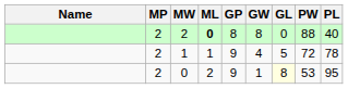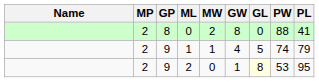 <table class=wikitable style="text-align:center">
 <tr>
 <th width=175>Name</th>
 <th width=20>MP</th>
+<th width=20>GP</th>
+<th width=20>ML</th>
 <th width=20>MW</th>
-<th width=20>ML</th>
-<th width=20>GP</th>
 <th width=20>GW</th>
 <th width=20>GL</th>
 <th width=20>PW</th>
 <th width=20>PL</th>
 </tr>
 <tr style="background-color:#ccffcc;">
 <td style="text-align:left;"><strong></strong></td>
 <td>2</td>
+<td>8</td>
+<td>0</td>
 <td>2</td>
-<td><strong>0</strong></td>
-<td>8</td>
 <td>8</td>
 <td>0</td>
 <td>88</td>
-<td>40</td>
+<td>41</td>
 </tr>
 <tr>
 <td style="text-align:left;"></td>
 <td>2</td>
+<td>9</td>
 <td>1</td>
 <td>1</td>
-<td>9</td>
 <td>4</td>
 <td>5</td>
-<td>72</td>
-<td>78</td>
+<td>74</td>
+<td>79</td>
 </tr>
 <tr>
 <td style="text-align:left;"></td>
 <td>2</td>
+<td>9</td>
+<td>2</td>
 <td>0</td>
-<td>2</td>
-<td>9</td>
 <td>1</td>
 <td style="background: lightyellow;">8</td>
 <td>53</td>
 <td>95</td>
 </tr>
 </table>
